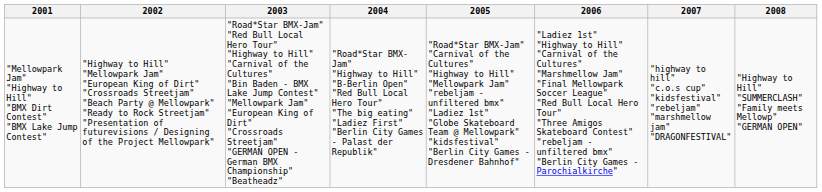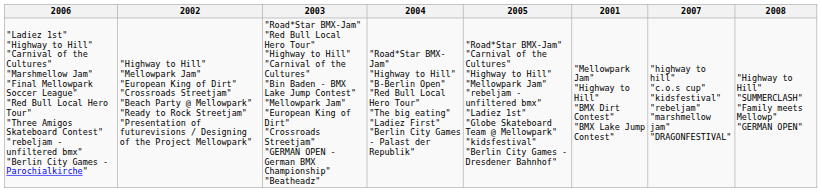 <table class="wikitable">
 <tr>
-<th>2001</th>
+<th>2006</th>
 <th>2002</th>
 <th>2003</th>
 <th>2004</th>
 <th>2005</th>
-<th>2006</th>
+<th>2001</th>
 <th>2007</th>
 <th>2008</th>
 </tr>
 <tr>
-<td>"Mellowpark Jam"<br> "Highway to Hill"<br> "BMX Dirt Contest"<br> "BMX Lake Jump Contest"</td>
+<td>"Ladiez 1st"<br> "Highway to Hill"<br> "Carnival of the Cultures"<br> "Marshmellow Jam"<br> "Final Mellowpark Soccer League"<br> "Red Bull Local Hero Tour"<br> "Three Amigos Skateboard Contest"<br> "rebeljam - unfiltered bmx"<br> "Berlin City Games - <a href='#'>Parochialkirche</a>"</td>
 <td>"Highway to Hill"<br> "Mellowpark Jam"<br> "European King of Dirt"<br> "Crossroads Streetjam"<br> "Beach Party @ Mellowpark"<br> "Ready to Rock Streetjam"<br> "Presentation of futurevisions / Designing of the Project Mellowpark"</td>
 <td>"Road*Star BMX-Jam"<br> "Red Bull Local Hero Tour"<br> "Highway to Hill"<br> "Carnival of the Cultures"<br> "Bin Baden - BMX Lake Jump Contest"<br> "Mellowpark Jam"<br> "European King of Dirt"<br> "Crossroads Streetjam"<br> "GERMAN OPEN - German BMX Championship"<br> "Beatheadz"</td>
 <td>"Road*Star BMX-Jam"<br> "Highway to Hill"<br> "B-Berlin Open"<br> "Red Bull Local Hero Tour"<br> "The big eating"<br> "Ladiez First"<br> "Berlin City Games - Palast der Republik"</td>
 <td>"Road*Star BMX-Jam"<br> "Carnival of the Cultures"<br> "Highway to Hill"<br> "Mellowpark Jam"<br> "rebeljam - unfiltered bmx"<br> "Ladiez 1st"<br> "Globe Skateboard Team @ Mellowpark"<br> "kidsfestival"<br> "Berlin City Games - Dresdener Bahnhof"</td>
-<td>"Ladiez 1st"<br> "Highway to Hill"<br> "Carnival of the Cultures"<br> "Marshmellow Jam"<br> "Final Mellowpark Soccer League"<br> "Red Bull Local Hero Tour"<br> "Three Amigos Skateboard Contest"<br> "rebeljam - unfiltered bmx"<br> "Berlin City Games - <a href='#'>Parochialkirche</a>"</td>
+<td>"Mellowpark Jam"<br> "Highway to Hill"<br> "BMX Dirt Contest"<br> "BMX Lake Jump Contest"</td>
 <td>"highway to hill"<br> "c.o.s cup"<br> "kidsfestival"<br> "rebeljam"<br> "marshmellow jam"<br> "DRAGONFESTIVAL"</td>
 <td>"Highway to Hill"<br> "SUMMERCLASH"<br> "Family meets Mellowp"<br> "GERMAN OPEN"</td>
 </tr>
 </table>
